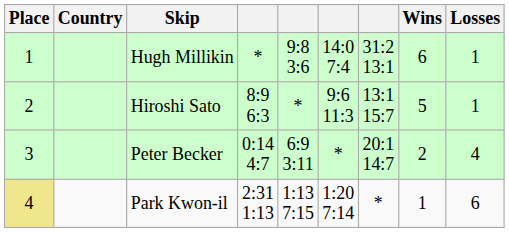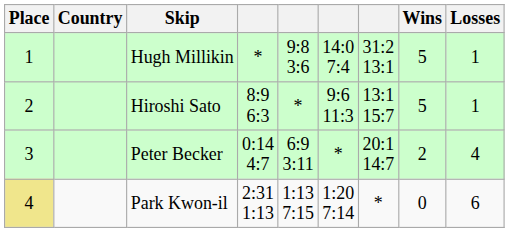 <table class="wikitable" style="text-align:center;">
 <tr>
 <th>Place</th>
 <th>Country</th>
 <th>Skip</th>
 <th width="25"></th>
 <th width="25"></th>
 <th width="25"></th>
 <th width="25"></th>
 <th>Wins</th>
 <th>Losses</th>
 </tr>
 <tr bgcolor=#ccffcc>
 <td>1</td>
 <td align=left></td>
 <td align=left>Hugh Millikin</td>
 <td>*</td>
 <td>9:8<br> 3:6</td>
 <td>14:0<br> 7:4</td>
 <td>31:2<br>13:1</td>
-<td>6</td>
+<td>5</td>
 <td>1</td>
 </tr>
 <tr bgcolor=#ccffcc>
 <td>2</td>
 <td align=left></td>
 <td align=left>Hiroshi Sato</td>
 <td>8:9<br> 6:3</td>
 <td>*</td>
 <td>9:6<br>11:3</td>
 <td>13:1<br>15:7</td>
 <td>5</td>
 <td>1</td>
 </tr>
 <tr bgcolor=#ccffcc>
 <td>3</td>
 <td align=left></td>
 <td align=left>Peter Becker</td>
 <td>0:14<br> 4:7</td>
 <td>6:9<br>3:11</td>
 <td>*</td>
 <td>20:1<br>14:7</td>
 <td>2</td>
 <td>4</td>
 </tr>
 <tr>
 <td style="background: khaki;">4</td>
 <td align=left></td>
 <td align=left>Park Kwon-il</td>
 <td>2:31<br>1:13</td>
 <td>1:13<br>7:15</td>
 <td>1:20<br>7:14</td>
 <td>*</td>
-<td>1</td>
+<td>0</td>
 <td>6</td>
 </tr>
 </table>
